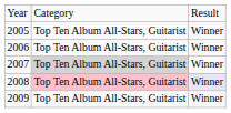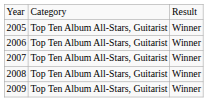 <table class="wikitable">
 <tr>
 <td>Year</td>
 <td>Category</td>
 <td>Result</td>
 </tr>
 <tr>
 <td>2005</td>
 <td>Top Ten Album All-Stars, Guitarist</td>
 <td>Winner</td>
 </tr>
 <tr>
 <td>2006</td>
 <td>Top Ten Album All-Stars, Guitarist</td>
 <td>Winner</td>
 </tr>
 <tr>
 <td>2007</td>
-<td style="background: lightgrey;">Top Ten Album All-Stars, Guitarist</td>
+<td>Top Ten Album All-Stars, Guitarist</td>
 <td>Winner</td>
 </tr>
 <tr>
 <td>2008</td>
-<td style="background: pink;">Top Ten Album All-Stars, Guitarist</td>
-<td style="background: lavender;">Winner</td>
+<td>Top Ten Album All-Stars, Guitarist</td>
+<td>Winner</td>
 </tr>
 <tr>
 <td>2009</td>
 <td>Top Ten Album All-Stars, Guitarist</td>
 <td>Winner</td>
 </tr>
 </table>
